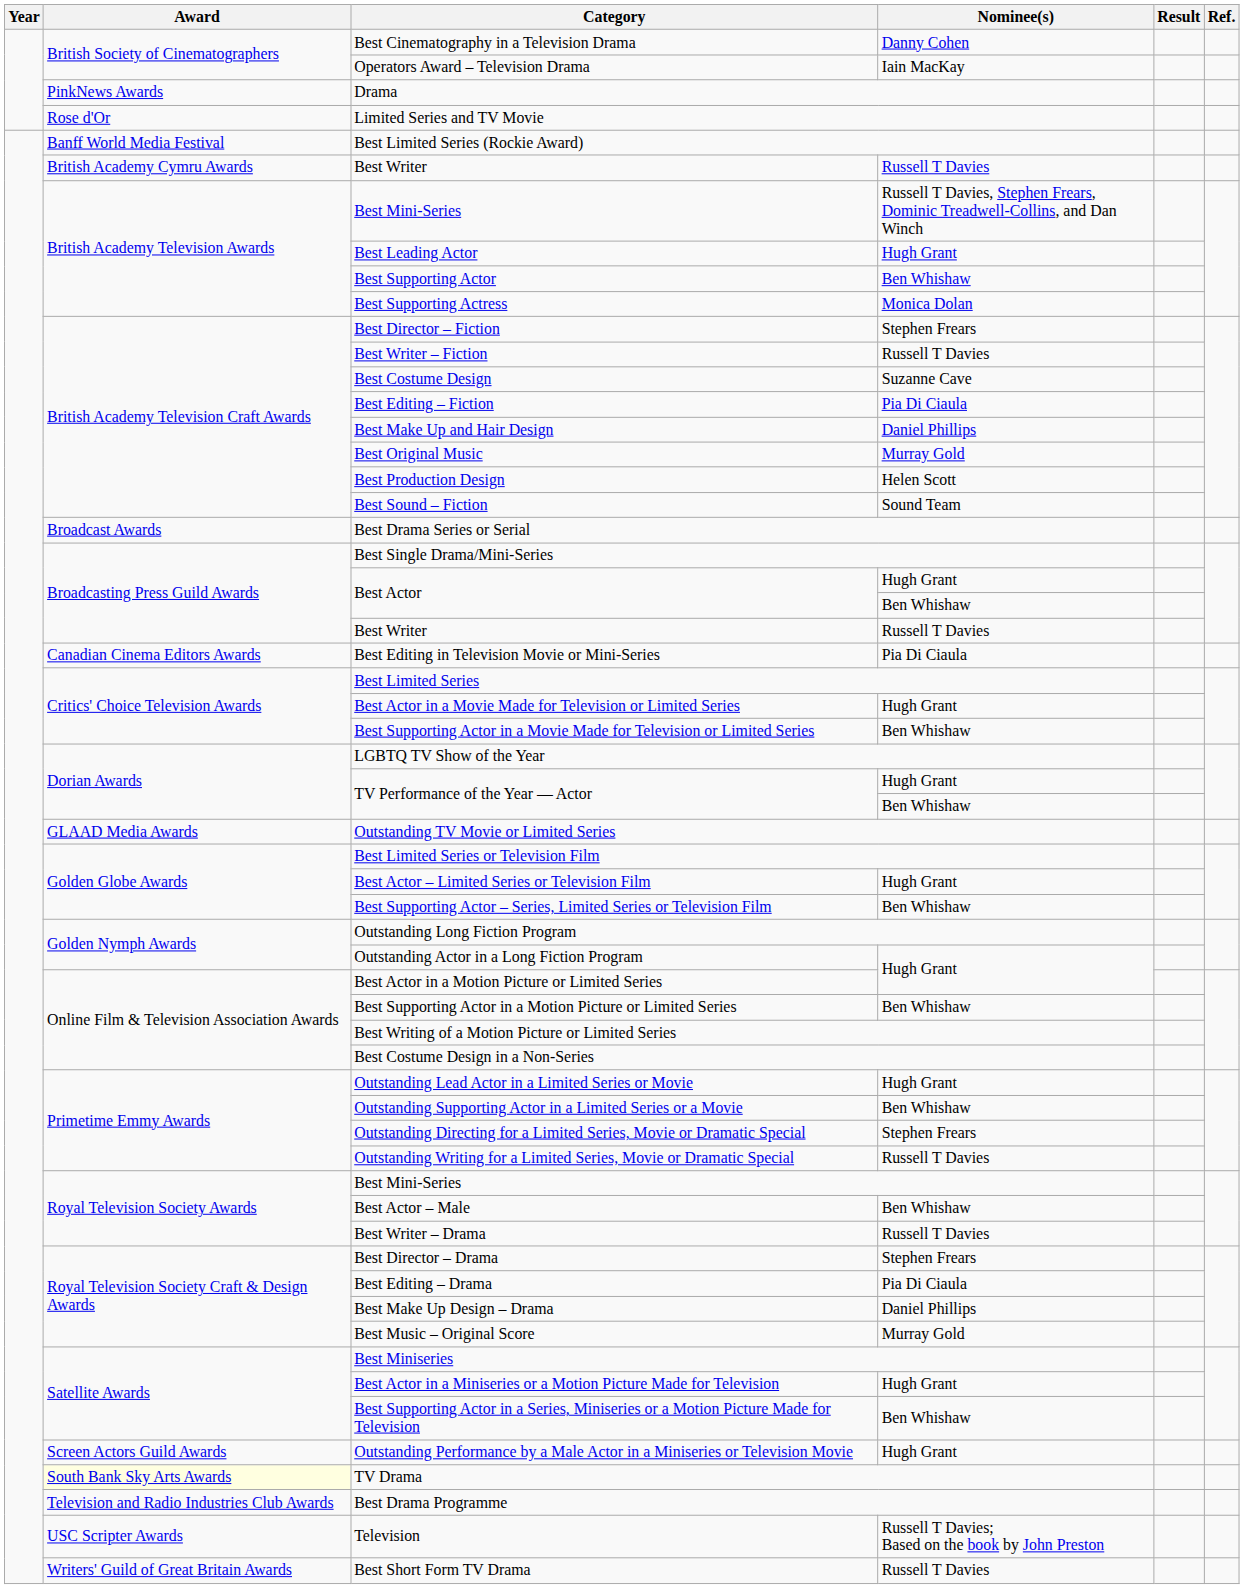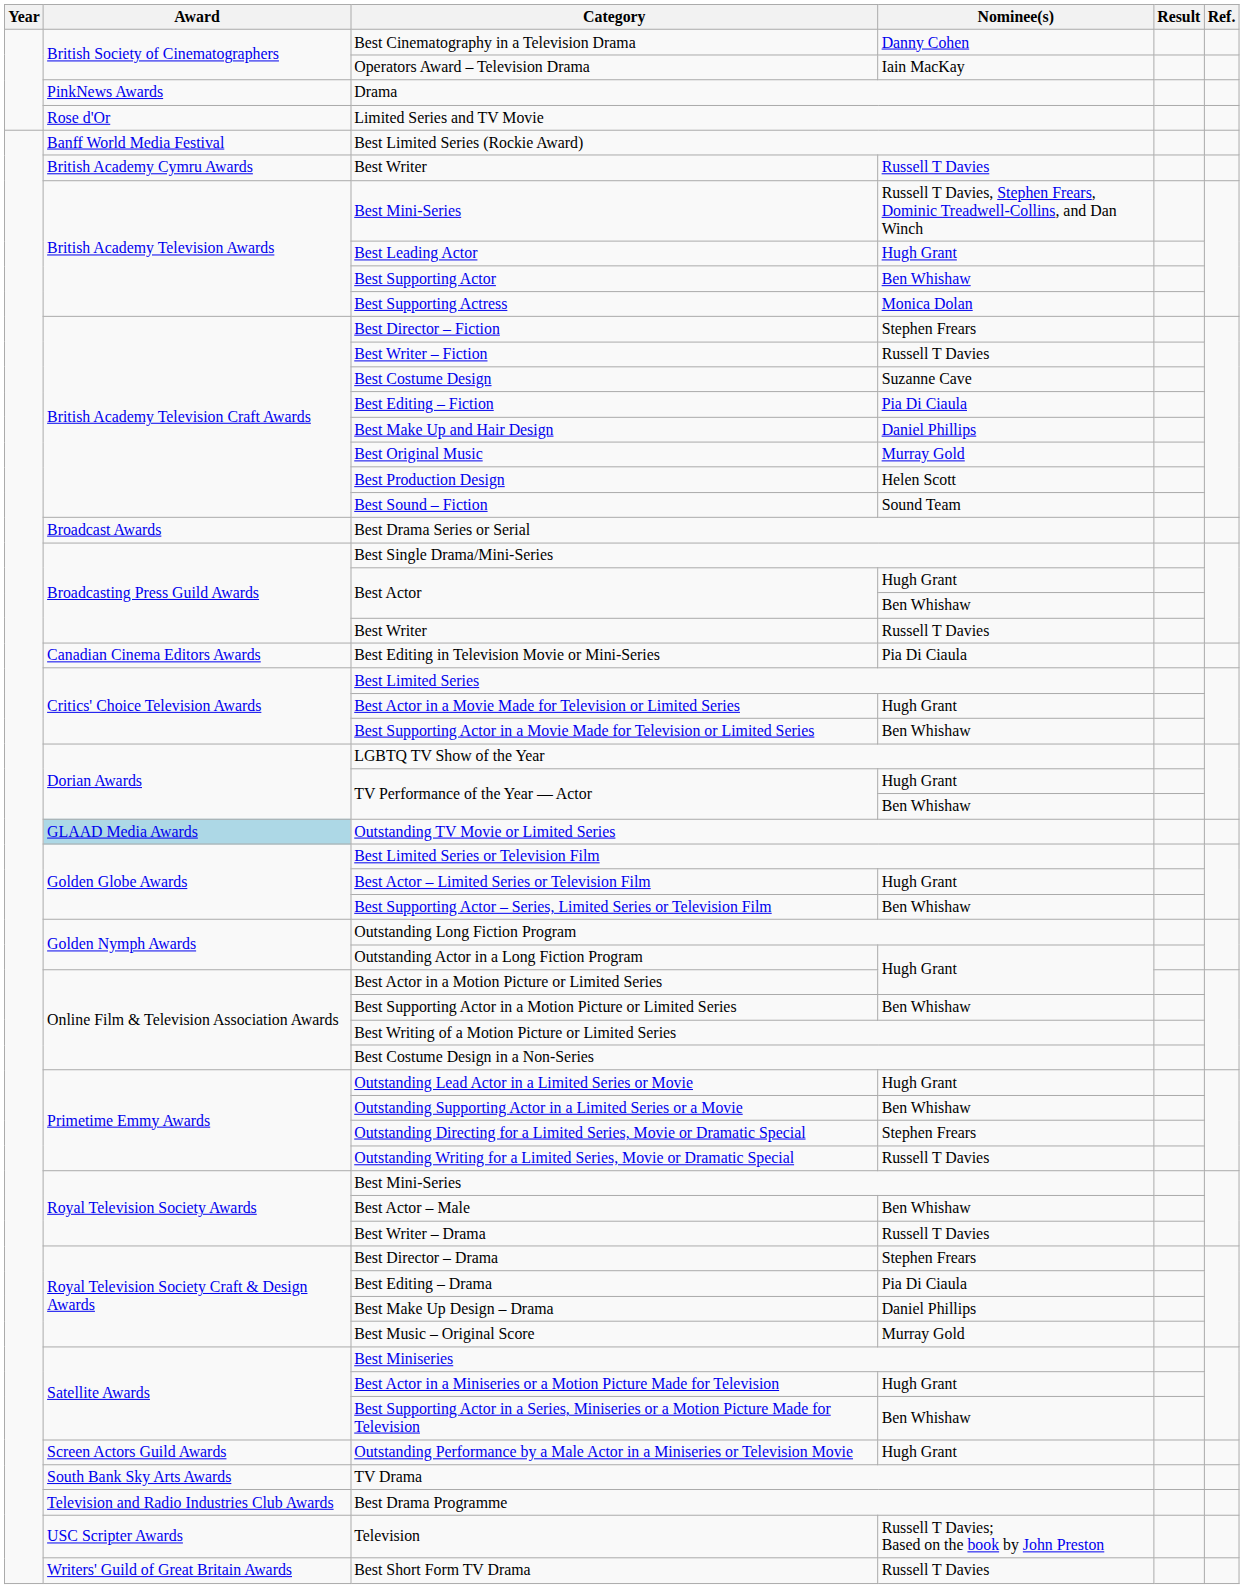 <table class="wikitable sortable">
 <tr>
 <th>Year</th>
 <th>Award</th>
 <th>Category</th>
 <th>Nominee(s)</th>
 <th>Result</th>
 <th>Ref.</th>
 </tr>
 <tr>
 <td rowspan="4"></td>
 <td rowspan="2"><a href='#'>British Society of Cinematographers</a></td>
 <td>Best Cinematography in a Television Drama</td>
 <td><a href='#'>Danny Cohen</a></td>
 <td></td>
 <td align="center"></td>
 </tr>
 <tr>
 <td>Operators Award – Television Drama</td>
 <td>Iain MacKay</td>
 <td></td>
 <td align="center"></td>
 </tr>
 <tr>
 <td><a href='#'>PinkNews Awards</a></td>
 <td colspan="2">Drama</td>
 <td></td>
 <td align="center"></td>
 </tr>
 <tr>
 <td><a href='#'>Rose d'Or</a></td>
 <td colspan="2">Limited Series and TV Movie</td>
 <td></td>
 <td align="center"></td>
 </tr>
 <tr>
 <td rowspan="55"></td>
 <td><a href='#'>Banff World Media Festival</a></td>
 <td colspan="2">Best Limited Series (Rockie Award)</td>
 <td></td>
 <td align="center"></td>
 </tr>
 <tr>
 <td><a href='#'>British Academy Cymru Awards</a></td>
 <td>Best Writer</td>
 <td><a href='#'>Russell T Davies</a></td>
 <td></td>
 <td align="center"></td>
 </tr>
 <tr>
 <td rowspan="4"><a href='#'>British Academy Television Awards</a></td>
 <td><a href='#'>Best Mini-Series</a></td>
 <td>Russell T Davies, <a href='#'>Stephen Frears</a>, <br> <a href='#'>Dominic Treadwell-Collins</a>, and Dan Winch</td>
 <td></td>
 <td align="center" rowspan="4"></td>
 </tr>
 <tr>
 <td><a href='#'>Best Leading Actor</a></td>
 <td><a href='#'>Hugh Grant</a></td>
 <td></td>
 </tr>
 <tr>
 <td><a href='#'>Best Supporting Actor</a></td>
 <td><a href='#'>Ben Whishaw</a></td>
 <td></td>
 </tr>
 <tr>
 <td><a href='#'>Best Supporting Actress</a></td>
 <td><a href='#'>Monica Dolan</a></td>
 <td></td>
 </tr>
 <tr>
 <td rowspan="8"><a href='#'>British Academy Television Craft Awards</a></td>
 <td><a href='#'>Best Director – Fiction</a></td>
 <td>Stephen Frears</td>
 <td></td>
 <td align="center" rowspan="8"></td>
 </tr>
 <tr>
 <td><a href='#'>Best Writer – Fiction</a></td>
 <td>Russell T Davies</td>
 <td></td>
 </tr>
 <tr>
 <td><a href='#'>Best Costume Design</a></td>
 <td>Suzanne Cave</td>
 <td></td>
 </tr>
 <tr>
 <td><a href='#'>Best Editing – Fiction</a></td>
 <td><a href='#'>Pia Di Ciaula</a></td>
 <td></td>
 </tr>
 <tr>
 <td><a href='#'>Best Make Up and Hair Design</a></td>
 <td><a href='#'>Daniel Phillips</a></td>
 <td></td>
 </tr>
 <tr>
 <td><a href='#'>Best Original Music</a></td>
 <td><a href='#'>Murray Gold</a></td>
 <td></td>
 </tr>
 <tr>
 <td><a href='#'>Best Production Design</a></td>
 <td>Helen Scott</td>
 <td></td>
 </tr>
 <tr>
 <td><a href='#'>Best Sound – Fiction</a></td>
 <td>Sound Team</td>
 <td></td>
 </tr>
 <tr>
 <td><a href='#'>Broadcast Awards</a></td>
 <td colspan="2">Best Drama Series or Serial</td>
 <td></td>
 <td align="center"></td>
 </tr>
 <tr>
 <td rowspan="4"><a href='#'>Broadcasting Press Guild Awards</a></td>
 <td colspan="2">Best Single Drama/Mini-Series</td>
 <td></td>
 <td align="center" rowspan="4"> <br> </td>
 </tr>
 <tr>
 <td rowspan="2">Best Actor</td>
 <td>Hugh Grant</td>
 <td></td>
 </tr>
 <tr>
 <td>Ben Whishaw</td>
 <td></td>
 </tr>
 <tr>
 <td>Best Writer</td>
 <td>Russell T Davies</td>
 <td></td>
 </tr>
 <tr>
 <td><a href='#'>Canadian Cinema Editors Awards</a></td>
 <td>Best Editing in Television Movie or Mini-Series</td>
 <td>Pia Di Ciaula</td>
 <td></td>
 <td align="center"></td>
 </tr>
 <tr>
 <td rowspan="3"><a href='#'>Critics' Choice Television Awards</a></td>
 <td colspan="2"><a href='#'>Best Limited Series</a></td>
 <td></td>
 <td align="center" rowspan="3"></td>
 </tr>
 <tr>
 <td><a href='#'>Best Actor in a Movie Made for Television or Limited Series</a></td>
 <td>Hugh Grant</td>
 <td></td>
 </tr>
 <tr>
 <td><a href='#'>Best Supporting Actor in a Movie Made for Television or Limited Series</a></td>
 <td>Ben Whishaw</td>
 <td></td>
 </tr>
 <tr>
 <td rowspan="3"><a href='#'>Dorian Awards</a></td>
 <td colspan="2">LGBTQ TV Show of the Year</td>
 <td></td>
 <td align="center" rowspan="3"></td>
 </tr>
 <tr>
 <td rowspan="2">TV Performance of the Year — Actor</td>
 <td>Hugh Grant</td>
 <td></td>
 </tr>
 <tr>
 <td>Ben Whishaw</td>
 <td></td>
 </tr>
 <tr>
-<td><a href='#'>GLAAD Media Awards</a></td>
+<td style="background: lightblue;"><a href='#'>GLAAD Media Awards</a></td>
 <td colspan="2"><a href='#'>Outstanding TV Movie or Limited Series</a></td>
 <td></td>
 <td align="center"></td>
 </tr>
 <tr>
 <td rowspan="3"><a href='#'>Golden Globe Awards</a></td>
 <td colspan="2"><a href='#'>Best Limited Series or Television Film</a></td>
 <td></td>
 <td align="center" rowspan="3"></td>
 </tr>
 <tr>
 <td><a href='#'>Best Actor – Limited Series or Television Film</a></td>
 <td>Hugh Grant</td>
 <td></td>
 </tr>
 <tr>
 <td><a href='#'>Best Supporting Actor – Series, Limited Series or Television Film</a></td>
 <td>Ben Whishaw</td>
 <td></td>
 </tr>
 <tr>
 <td rowspan="2"><a href='#'>Golden Nymph Awards</a></td>
 <td colspan="2">Outstanding Long Fiction Program</td>
 <td></td>
 <td align="center" rowspan="2"></td>
 </tr>
 <tr>
 <td>Outstanding Actor in a Long Fiction Program</td>
 <td rowspan="2">Hugh Grant</td>
 <td></td>
 </tr>
 <tr>
 <td rowspan="4">Online Film & Television Association Awards</td>
 <td>Best Actor in a Motion Picture or Limited Series</td>
 <td></td>
 <td align="center" rowspan="4"></td>
 </tr>
 <tr>
 <td>Best Supporting Actor in a Motion Picture or Limited Series</td>
 <td>Ben Whishaw</td>
 <td></td>
 </tr>
 <tr>
 <td colspan="2">Best Writing of a Motion Picture or Limited Series</td>
 <td></td>
 </tr>
 <tr>
 <td colspan="2">Best Costume Design in a Non-Series</td>
 <td></td>
 </tr>
 <tr>
 <td rowspan="4"><a href='#'>Primetime Emmy Awards</a></td>
 <td><a href='#'>Outstanding Lead Actor in a Limited Series or Movie</a></td>
 <td>Hugh Grant</td>
 <td></td>
 <td align="center" rowspan="4"></td>
 </tr>
 <tr>
 <td><a href='#'>Outstanding Supporting Actor in a Limited Series or a Movie</a></td>
 <td>Ben Whishaw</td>
 <td></td>
 </tr>
 <tr>
 <td><a href='#'>Outstanding Directing for a Limited Series, Movie or Dramatic Special</a></td>
 <td>Stephen Frears</td>
 <td></td>
 </tr>
 <tr>
 <td><a href='#'>Outstanding Writing for a Limited Series, Movie or Dramatic Special</a></td>
 <td>Russell T Davies</td>
 <td></td>
 </tr>
 <tr>
 <td rowspan="3"><a href='#'>Royal Television Society Awards</a></td>
 <td colspan="2">Best Mini-Series</td>
 <td></td>
 <td align="center" rowspan="3"></td>
 </tr>
 <tr>
 <td>Best Actor – Male</td>
 <td>Ben Whishaw</td>
 <td></td>
 </tr>
 <tr>
 <td>Best Writer – Drama</td>
 <td>Russell T Davies</td>
 <td></td>
 </tr>
 <tr>
 <td rowspan="4"><a href='#'>Royal Television Society Craft & Design Awards</a></td>
 <td>Best Director – Drama</td>
 <td>Stephen Frears</td>
 <td></td>
 <td align="center" rowspan="4"></td>
 </tr>
 <tr>
 <td>Best Editing – Drama</td>
 <td>Pia Di Ciaula</td>
 <td></td>
 </tr>
 <tr>
 <td>Best Make Up Design – Drama</td>
 <td>Daniel Phillips</td>
 <td></td>
 </tr>
 <tr>
 <td>Best Music – Original Score</td>
 <td>Murray Gold</td>
 <td></td>
 </tr>
 <tr>
 <td rowspan="3"><a href='#'>Satellite Awards</a></td>
 <td colspan="2"><a href='#'>Best Miniseries</a></td>
 <td></td>
 <td align="center" rowspan="3"></td>
 </tr>
 <tr>
 <td><a href='#'>Best Actor in a Miniseries or a Motion Picture Made for Television</a></td>
 <td>Hugh Grant</td>
 <td></td>
 </tr>
 <tr>
 <td><a href='#'>Best Supporting Actor in a Series, Miniseries or a Motion Picture Made for Television</a></td>
 <td>Ben Whishaw</td>
 <td></td>
 </tr>
 <tr>
 <td><a href='#'>Screen Actors Guild Awards</a></td>
 <td><a href='#'>Outstanding Performance by a Male Actor in a Miniseries or Television Movie</a></td>
 <td>Hugh Grant</td>
 <td></td>
 <td align="center"></td>
 </tr>
 <tr>
-<td style="background: lightyellow;"><a href='#'>South Bank Sky Arts Awards</a></td>
+<td><a href='#'>South Bank Sky Arts Awards</a></td>
 <td colspan="2">TV Drama</td>
 <td></td>
 <td align="center"></td>
 </tr>
 <tr>
 <td><a href='#'>Television and Radio Industries Club Awards</a></td>
 <td colspan="2">Best Drama Programme</td>
 <td></td>
 <td align="center"></td>
 </tr>
 <tr>
 <td><a href='#'>USC Scripter Awards</a></td>
 <td>Television</td>
 <td>Russell T Davies; <br> Based on the <a href='#'>book</a> by <a href='#'>John Preston</a></td>
 <td></td>
 <td align="center"></td>
 </tr>
 <tr>
 <td><a href='#'>Writers' Guild of Great Britain Awards</a></td>
 <td>Best Short Form TV Drama</td>
 <td>Russell T Davies</td>
 <td></td>
 <td align="center"></td>
 </tr>
 </table>
